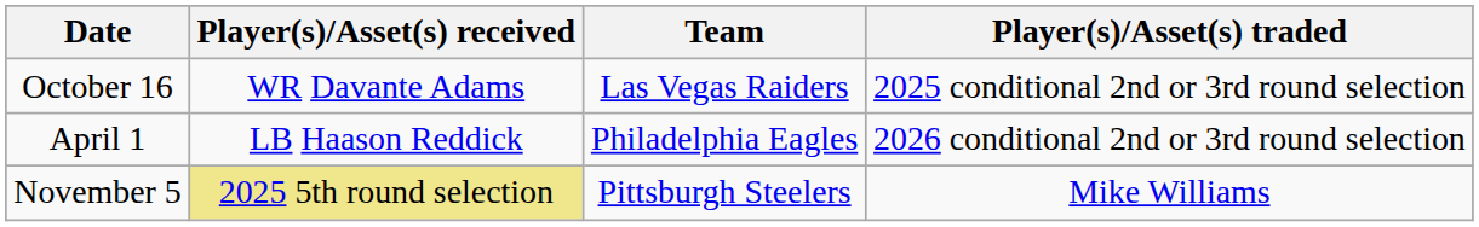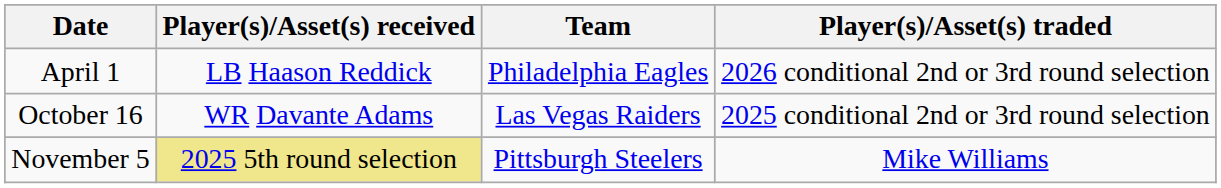 <table class="wikitable" style="text-align:center">
 <tr>
 <th>Date</th>
 <th>Player(s)/Asset(s) received</th>
 <th>Team</th>
 <th>Player(s)/Asset(s) traded</th>
 </tr>
 <tr>
+<td>April 1</td>
+<td><a href='#'>LB</a> <a href='#'>Haason Reddick</a></td>
+<td><a href='#'>Philadelphia Eagles</a></td>
+<td><a href='#'>2026</a> conditional 2nd or 3rd round selection </td>
+</tr>
+<tr>
 <td>October 16</td>
 <td><a href='#'>WR</a> <a href='#'>Davante Adams</a></td>
 <td><a href='#'>Las Vegas Raiders</a></td>
 <td><a href='#'>2025</a> conditional 2nd or 3rd round selection</td>
-</tr>
-<tr>
-<td>April 1</td>
-<td><a href='#'>LB</a> <a href='#'>Haason Reddick</a></td>
-<td><a href='#'>Philadelphia Eagles</a></td>
-<td><a href='#'>2026</a> conditional 2nd or 3rd round selection </td>
 </tr>
 <tr>
 <td>November 5</td>
 <td style="background: khaki;"><a href='#'>2025</a> 5th round selection</td>
 <td><a href='#'>Pittsburgh Steelers</a></td>
 <td><a href='#'>Mike Williams</a></td>
 </tr>
 </table>
